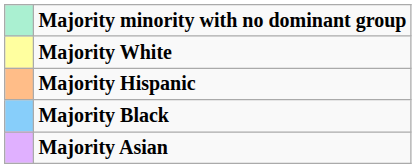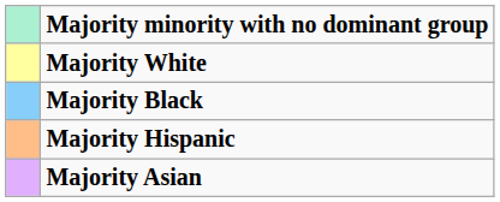 <table class="wikitable">
 <tr>
 <td style="background-color:#AAF0D1; width:1em"></td>
 <td><strong>Majority minority with no dominant group</strong></td>
 </tr>
 <tr>
 <td style="background-color:#FFFF9F; width:1em"></td>
 <td><strong>Majority White</strong></td>
 </tr>
 <tr>
+<td style="background-color:#87CEFA; width:1em"></td>
+<td><strong>Majority Black</strong></td>
+</tr>
+<tr>
 <td style="background-color:#FFBD88; widmth:1em"></td>
 <td><strong>Majority Hispanic</strong></td>
-</tr>
-<tr>
-<td style="background-color:#87CEFA; width:1em"></td>
-<td><strong>Majority Black</strong></td>
 </tr>
 <tr>
 <td style="background-color:#E0B0FF; width:1em"></td>
 <td><strong>Majority Asian</strong></td>
 </tr>
 </table>
